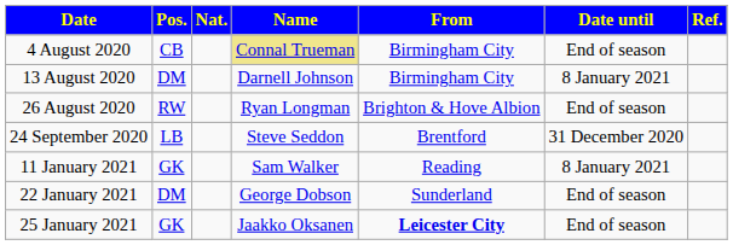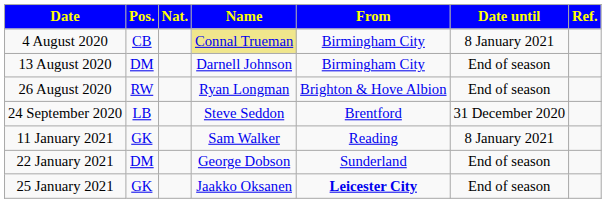 <table class="wikitable"  style="text-align:center; font-size:90%; ">
 <tr>
 <th style="background:#0000ff; color:#FFFF00; ">Date</th>
 <th style="background:#0000ff; color:#FFFF00; ">Pos.</th>
 <th style="background:#0000ff; color:#FFFF00; ">Nat.</th>
 <th style="background:#0000ff; color:#FFFF00; ">Name</th>
 <th style="background:#0000ff; color:#FFFF00; ">From</th>
 <th style="background:#0000ff; color:#FFFF00; ">Date until</th>
 <th style="background:#0000ff; color:#FFFF00; ">Ref.</th>
 </tr>
 <tr>
 <td>4 August 2020</td>
 <td><a href='#'>CB</a></td>
 <td></td>
 <td style="background: khaki;"><a href='#'>Connal Trueman</a></td>
 <td> <a href='#'>Birmingham City</a></td>
-<td>End of season</td>
+<td>8 January 2021</td>
 <td></td>
 </tr>
 <tr>
 <td>13 August 2020</td>
 <td><a href='#'>DM</a></td>
 <td></td>
 <td><a href='#'>Darnell Johnson</a></td>
 <td> <a href='#'>Birmingham City</a></td>
-<td>8 January 2021</td>
+<td>End of season</td>
 <td></td>
 </tr>
 <tr>
 <td>26 August 2020</td>
 <td><a href='#'>RW</a></td>
 <td></td>
 <td><a href='#'>Ryan Longman</a></td>
 <td> <a href='#'>Brighton & Hove Albion</a></td>
 <td>End of season</td>
 <td></td>
 </tr>
 <tr>
 <td>24 September 2020</td>
 <td><a href='#'>LB</a></td>
 <td></td>
 <td><a href='#'>Steve Seddon</a></td>
 <td> <a href='#'>Brentford</a></td>
 <td>31 December 2020</td>
 <td></td>
 </tr>
 <tr>
 <td>11 January 2021</td>
 <td><a href='#'>GK</a></td>
 <td></td>
 <td><a href='#'>Sam Walker</a></td>
 <td> <a href='#'>Reading</a></td>
 <td>8 January 2021</td>
 <td></td>
 </tr>
 <tr>
 <td>22 January 2021</td>
 <td><a href='#'>DM</a></td>
 <td></td>
 <td><a href='#'>George Dobson</a></td>
 <td> <a href='#'>Sunderland</a></td>
 <td>End of season</td>
 <td></td>
 </tr>
 <tr>
 <td>25 January 2021</td>
 <td><a href='#'>GK</a></td>
 <td></td>
 <td><a href='#'>Jaakko Oksanen</a></td>
 <td><strong> <a href='#'>Leicester City</a></strong></td>
 <td>End of season</td>
 <td></td>
 </tr>
 </table>
